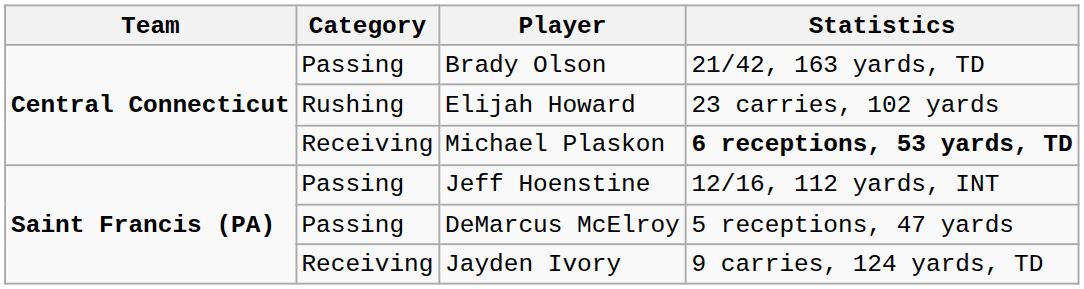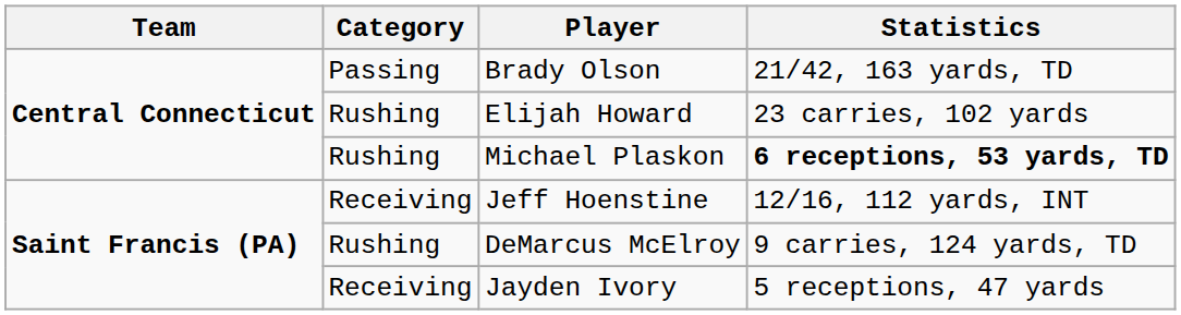 <table class="wikitable" style="float: right;">
 <tr>
 <th>Team</th>
 <th>Category</th>
 <th>Player</th>
 <th>Statistics</th>
 </tr>
 <tr>
 <td rowspan=3><strong>Central Connecticut</strong></td>
 <td>Passing</td>
 <td>Brady Olson</td>
 <td>21/42, 163 yards, TD</td>
 </tr>
 <tr>
 <td>Rushing</td>
 <td>Elijah Howard</td>
 <td>23 carries, 102 yards</td>
 </tr>
 <tr>
-<td>Receiving</td>
+<td>Rushing</td>
 <td>Michael Plaskon</td>
 <td><strong>6 receptions, 53 yards, TD</strong></td>
 </tr>
 <tr>
 <td rowspan=3><strong>Saint Francis (PA)</strong></td>
-<td>Passing</td>
+<td>Receiving</td>
 <td>Jeff Hoenstine</td>
 <td>12/16, 112 yards, INT</td>
 </tr>
 <tr>
-<td>Passing</td>
+<td>Rushing</td>
 <td>DeMarcus McElroy</td>
-<td>5 receptions, 47 yards</td>
+<td>9 carries, 124 yards, TD</td>
 </tr>
 <tr>
 <td>Receiving</td>
 <td>Jayden Ivory</td>
-<td>9 carries, 124 yards, TD</td>
+<td>5 receptions, 47 yards</td>
 </tr>
 </table>
